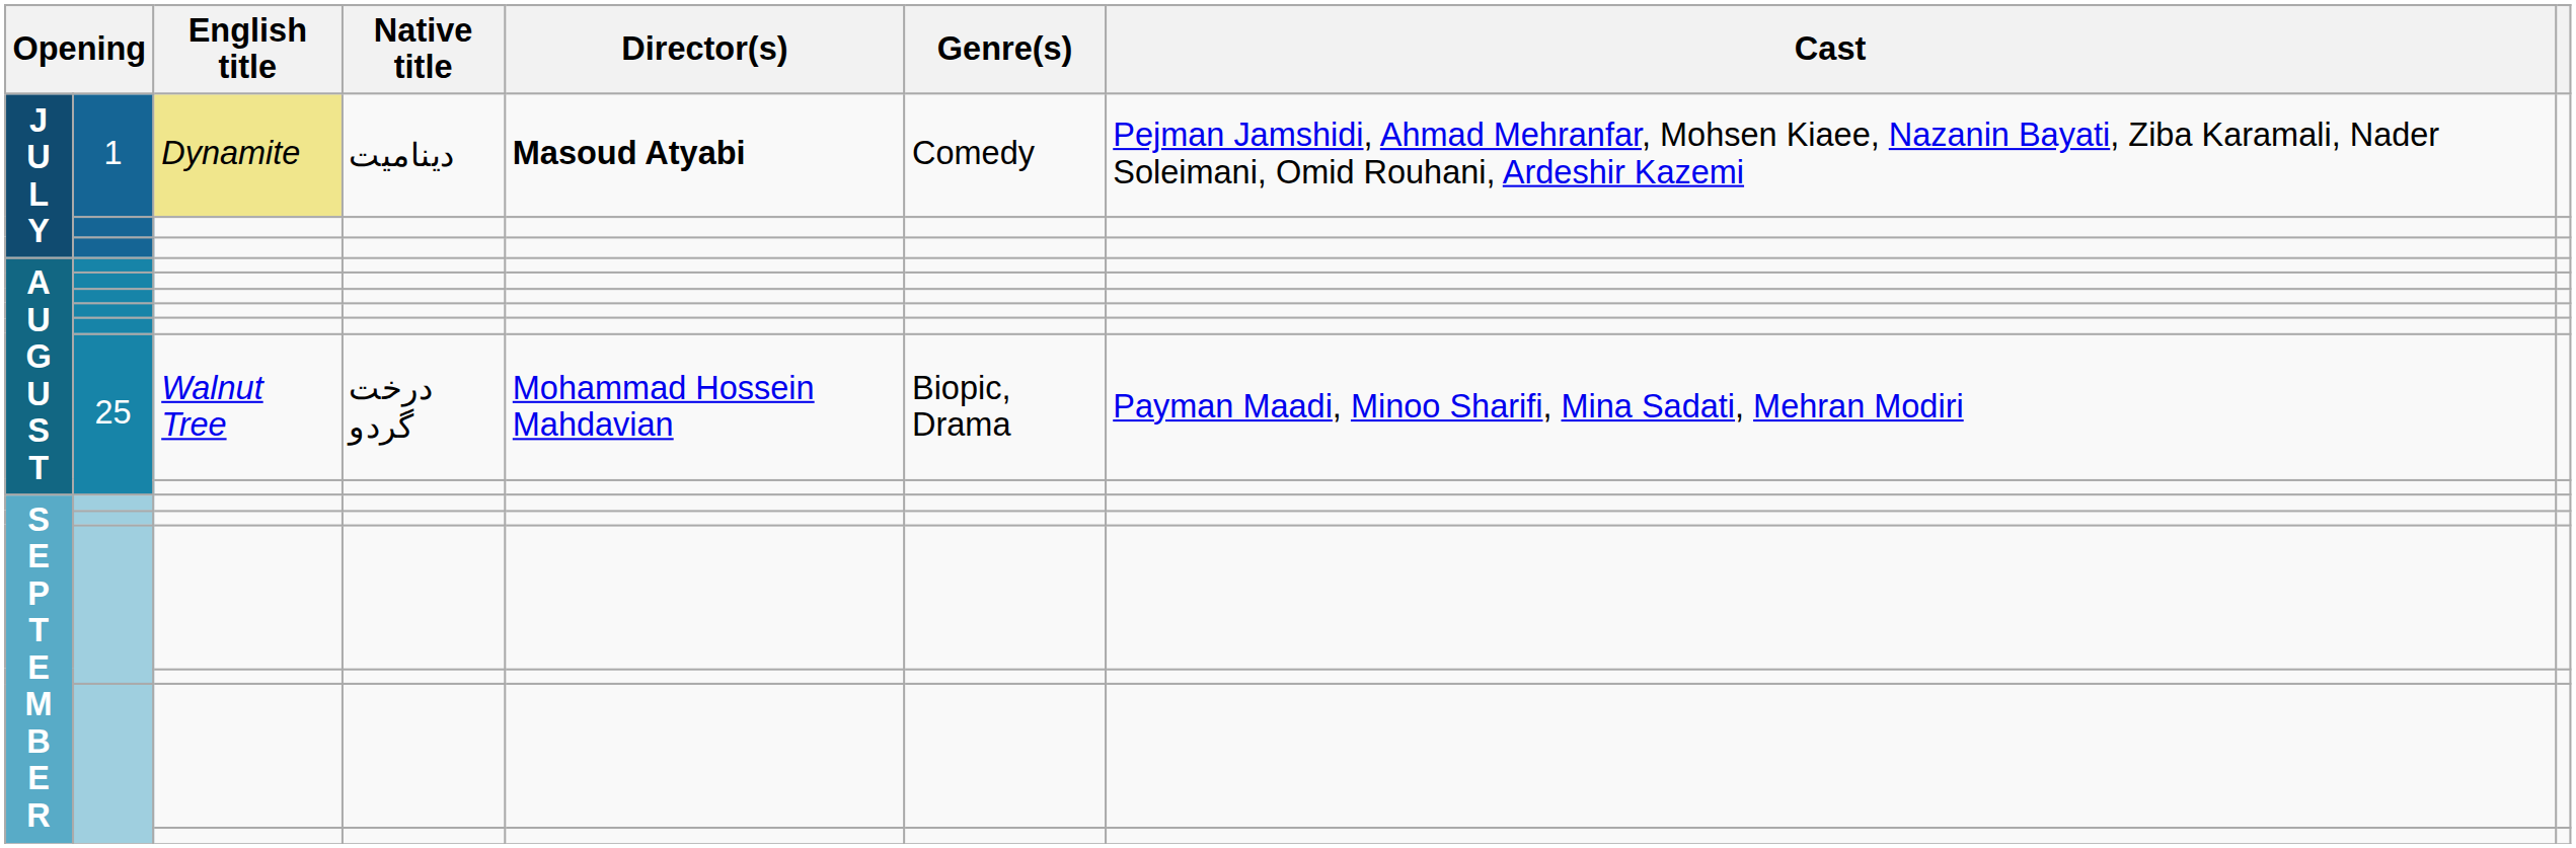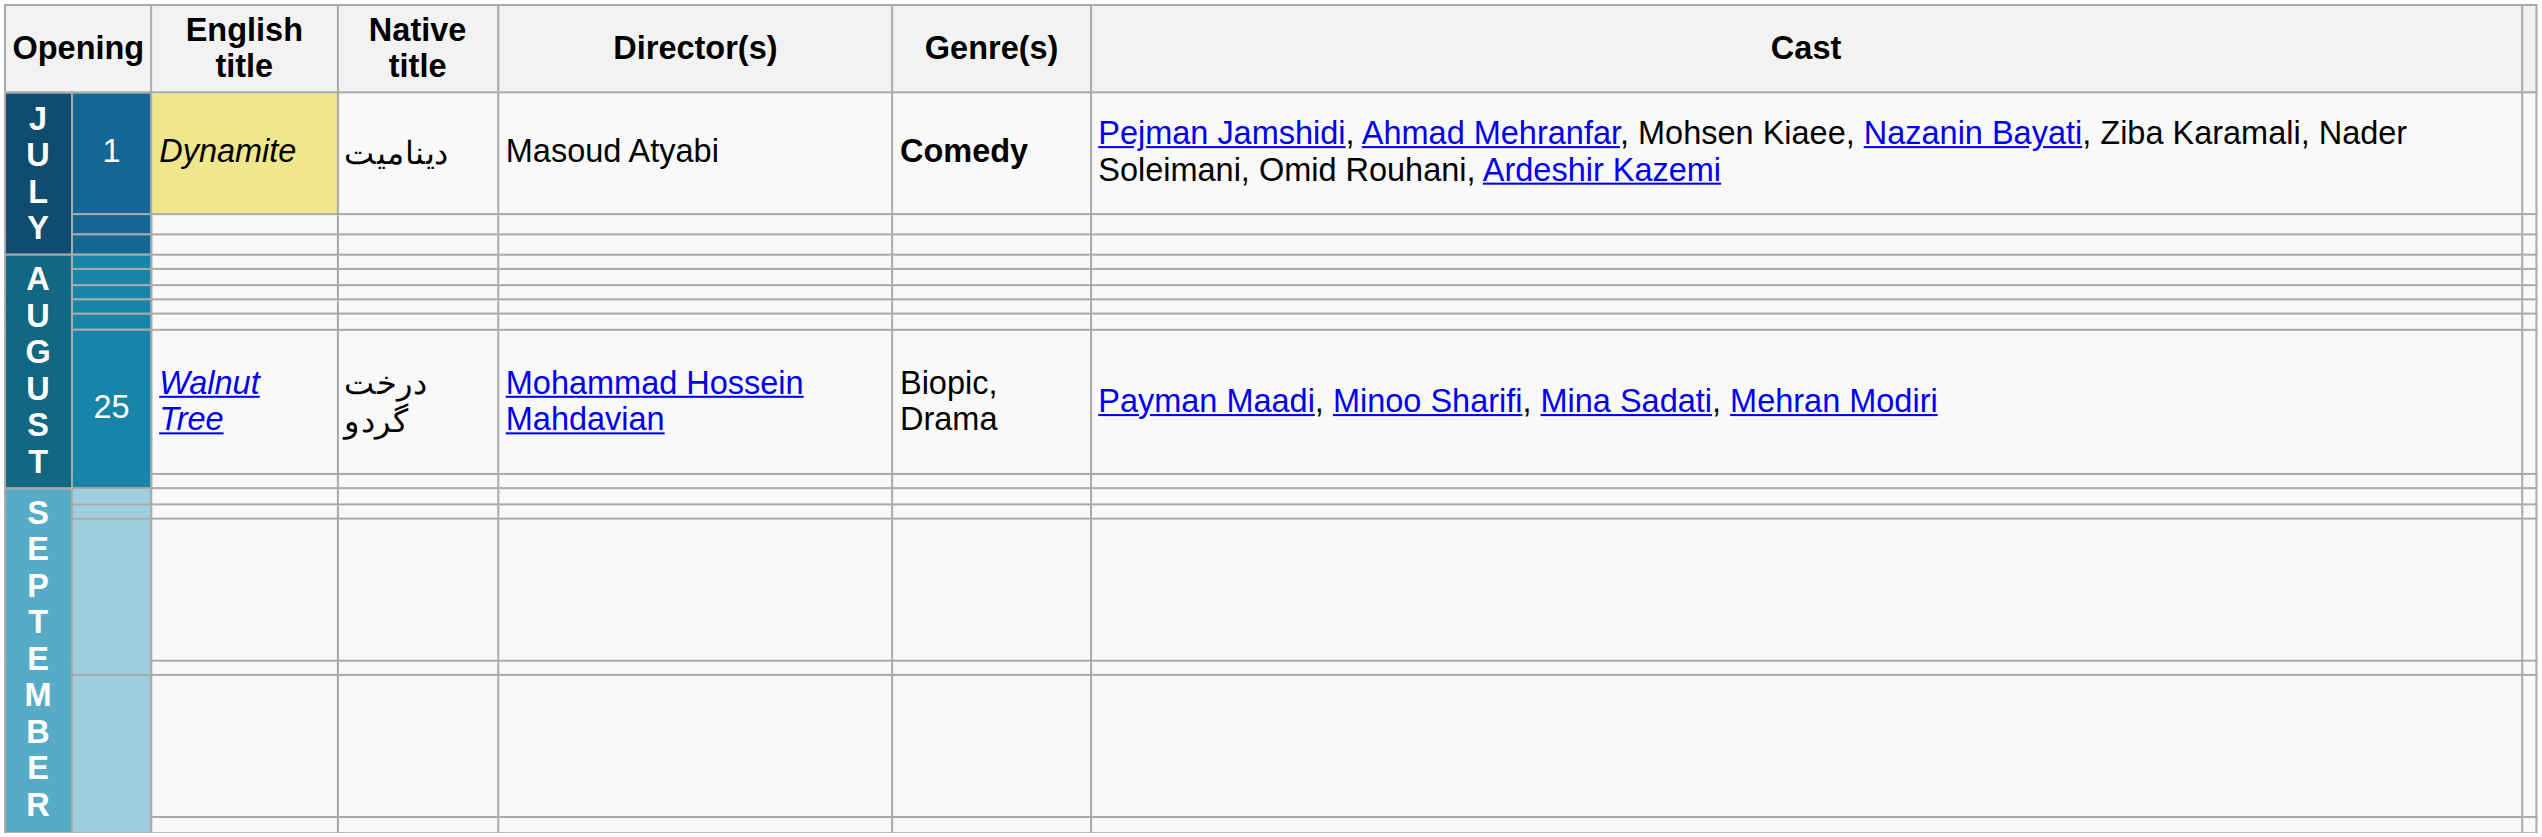 <table class="wikitable sortable">
 <tr>
 <th colspan="2">Opening</th>
 <th>English title</th>
 <th>Native title</th>
 <th>Director(s)</th>
 <th>Genre(s)</th>
 <th>Cast</th>
 <th></th>
 </tr>
 <tr>
 <th rowspan="3" style="text-align:center; background:#104B70; color:white;">J<br>U<br>L<br>Y</th>
 <td rowspan="1" style="text-align:center; background:#156595; color:white;">1</td>
 <td style="background: khaki;"><em>Dynamite</em></td>
 <td>دینامیت</td>
-<td><strong>Masoud Atyabi</strong></td>
-<td>Comedy</td>
+<td>Masoud Atyabi</td>
+<td><strong>Comedy</strong></td>
 <td><a href='#'>Pejman Jamshidi</a>, <a href='#'>Ahmad Mehranfar</a>, Mohsen Kiaee, <a href='#'>Nazanin Bayati</a>, Ziba Karamali, Nader Soleimani, Omid Rouhani, <a href='#'>Ardeshir Kazemi</a></td>
 <td></td>
 </tr>
 <tr>
 <td rowspan="1" style="text-align:center; background:#156595; color:white;"></td>
 <td></td>
 <td></td>
 <td></td>
 <td></td>
 <td></td>
 <td></td>
 </tr>
 <tr>
 <td rowspan="1" style="text-align:center; background:#156595; color:white;"></td>
 <td></td>
 <td></td>
 <td></td>
 <td></td>
 <td></td>
 <td></td>
 </tr>
 <tr>
 <th rowspan="7" style="text-align:center; background:#126783; color:white;">A<br>U<br>G<br>U<br>S<br>T</th>
 <td rowspan="1" style="text-align:center; background:#1784A8; color:white;"></td>
 <td></td>
 <td></td>
 <td></td>
 <td></td>
 <td></td>
 <td></td>
 </tr>
 <tr>
 <td rowspan="1" style="text-align:center; background:#1784A8; color:white;"></td>
 <td></td>
 <td></td>
 <td></td>
 <td></td>
 <td></td>
 <td></td>
 </tr>
 <tr>
 <td rowspan="1" style="text-align:center; background:#1784A8; color:white;"></td>
 <td></td>
 <td></td>
 <td></td>
 <td></td>
 <td></td>
 <td></td>
 </tr>
 <tr>
 <td rowspan="1" style="text-align:center; background:#1784A8; color:white;"></td>
 <td></td>
 <td></td>
 <td></td>
 <td></td>
 <td></td>
 <td></td>
 </tr>
 <tr>
 <td rowspan="1" style="text-align:center; background:#1784A8; color:white;"></td>
 <td></td>
 <td></td>
 <td></td>
 <td></td>
 <td></td>
 <td></td>
 </tr>
 <tr>
 <td rowspan="2" style="text-align:center; background:#1784A8; color:white;">25</td>
 <td><em><a href='#'>Walnut Tree</a></em></td>
 <td>درخت گردو</td>
 <td><a href='#'>Mohammad Hossein Mahdavian</a></td>
 <td>Biopic, Drama</td>
 <td><a href='#'>Payman Maadi</a>, <a href='#'>Minoo Sharifi</a>, <a href='#'>Mina Sadati</a>, <a href='#'>Mehran Modiri</a></td>
 <td></td>
 </tr>
 <tr>
 <td></td>
 <td></td>
 <td></td>
 <td></td>
 <td></td>
 <td></td>
 </tr>
 <tr>
 <th rowspan="6" style="text-align:center; background:#58ABC7; color:white;">S<br>E<br>P<br>T<br>E<br>M<br>B<br>E<br>R</th>
 <td rowspan="1" style="text-align:center; background:#9FCFDF; color:white;"></td>
 <td></td>
 <td></td>
 <td></td>
 <td></td>
 <td></td>
 <td></td>
 </tr>
 <tr>
 <td rowspan="1" style="text-align:center; background:#9FCFDF; color:white;"></td>
 <td></td>
 <td></td>
 <td></td>
 <td></td>
 <td></td>
 <td></td>
 </tr>
 <tr>
 <td rowspan="2" style="text-align:center; background:#9FCFDF; color:white;"></td>
 <td></td>
 <td></td>
 <td></td>
 <td></td>
 <td></td>
 <td></td>
 </tr>
 <tr>
 <td></td>
 <td></td>
 <td></td>
 <td></td>
 <td></td>
 <td></td>
 </tr>
 <tr>
 <td rowspan="2" style="text-align:center; background:#9FCFDF; color:white;"></td>
 <td></td>
 <td></td>
 <td></td>
 <td></td>
 <td></td>
 <td></td>
 </tr>
 <tr>
 <td></td>
 <td></td>
 <td></td>
 <td></td>
 <td></td>
 <td></td>
 </tr>
 </table>
